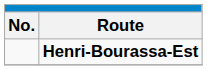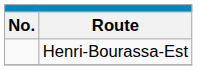 <table align=center class="wikitable">
 <tr>
 <th style="background: #0085CA; font-size:100%; color:#FFFFFF;"colspan="4"><a href='#'></a></th>
 </tr>
 <tr>
 <th>No.</th>
 <th>Route</th>
 </tr>
 <tr>
 <td></td>
-<td><strong>Henri-Bourassa-Est</strong></td>
+<td>Henri-Bourassa-Est</td>
 </tr>
 <tr>
 </tr>
 </table>
